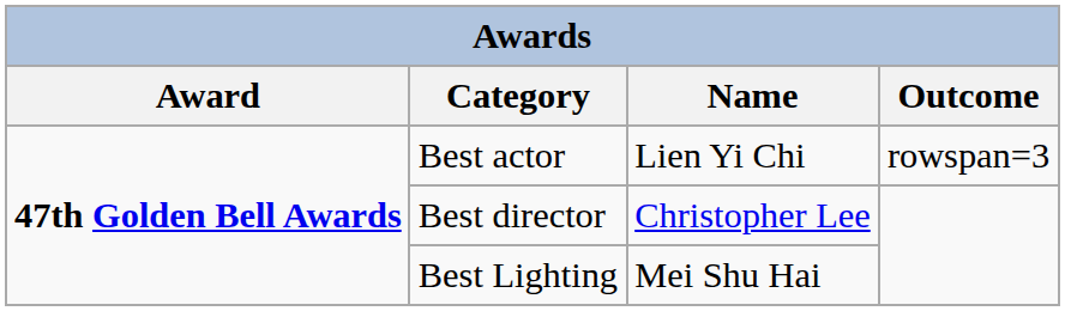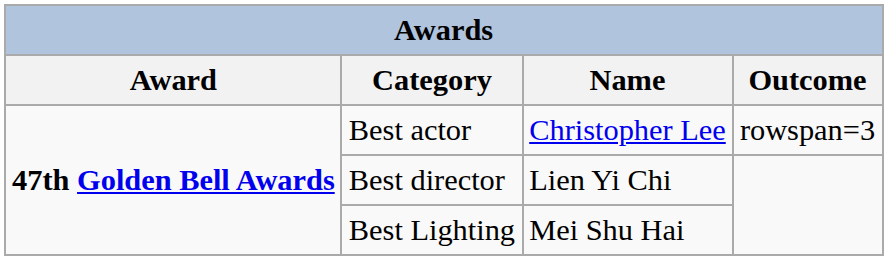 <table class="wikitable" style="font-size:95%;">
 <tr>
 <th colspan="4" style="background: LightSteelBlue;">Awards</th>
 </tr>
 <tr>
 <th>Award</th>
 <th>Category</th>
 <th>Name</th>
 <th>Outcome</th>
 </tr>
 <tr>
 <td rowspan=3><strong>47th <a href='#'>Golden Bell Awards</a></strong></td>
 <td>Best actor</td>
-<td>Lien Yi Chi</td>
+<td><a href='#'>Christopher Lee</a></td>
 <td>rowspan=3 </td>
 </tr>
 <tr>
 <td>Best director</td>
-<td><a href='#'>Christopher Lee</a></td>
+<td>Lien Yi Chi</td>
 </tr>
 <tr>
 <td>Best Lighting</td>
 <td>Mei Shu Hai</td>
 </tr>
 </table>
